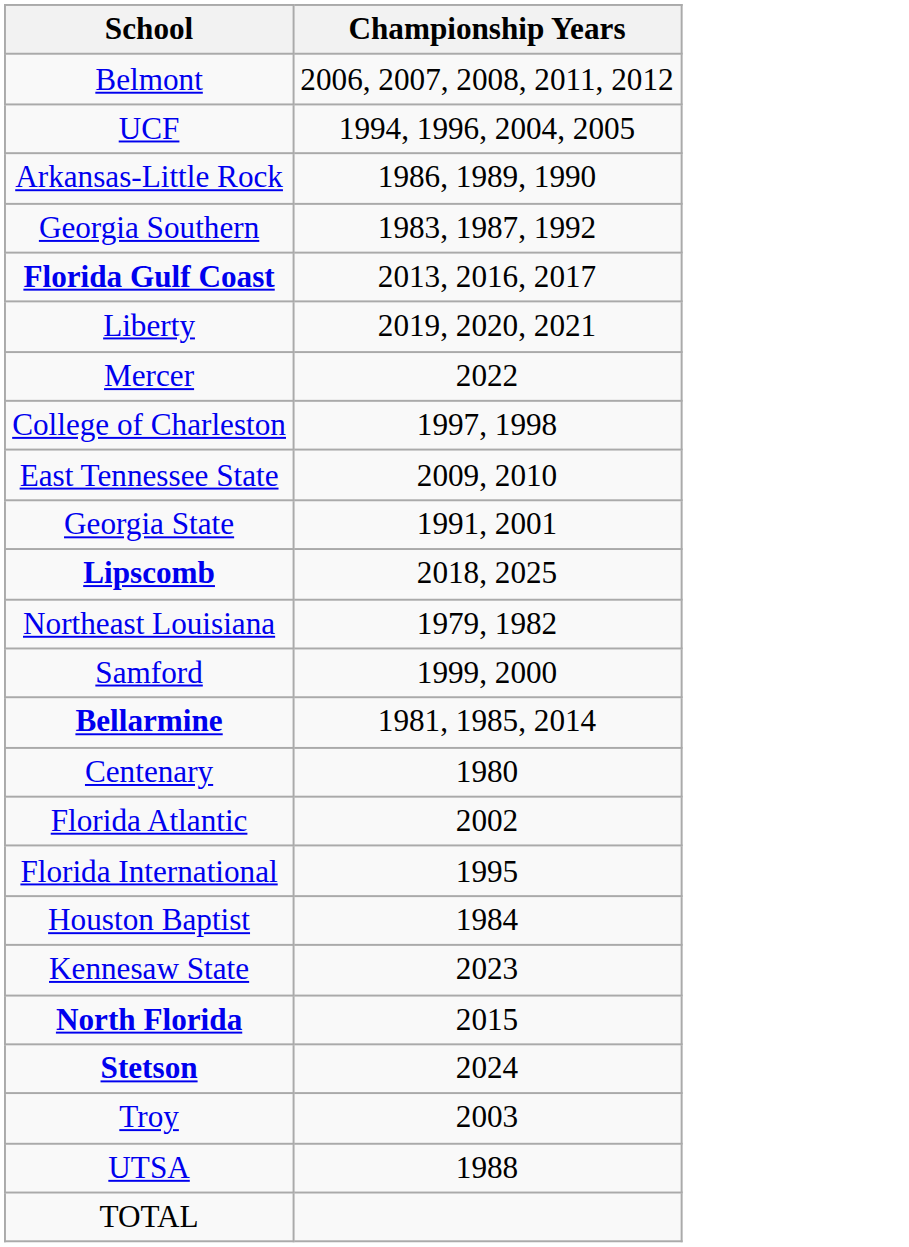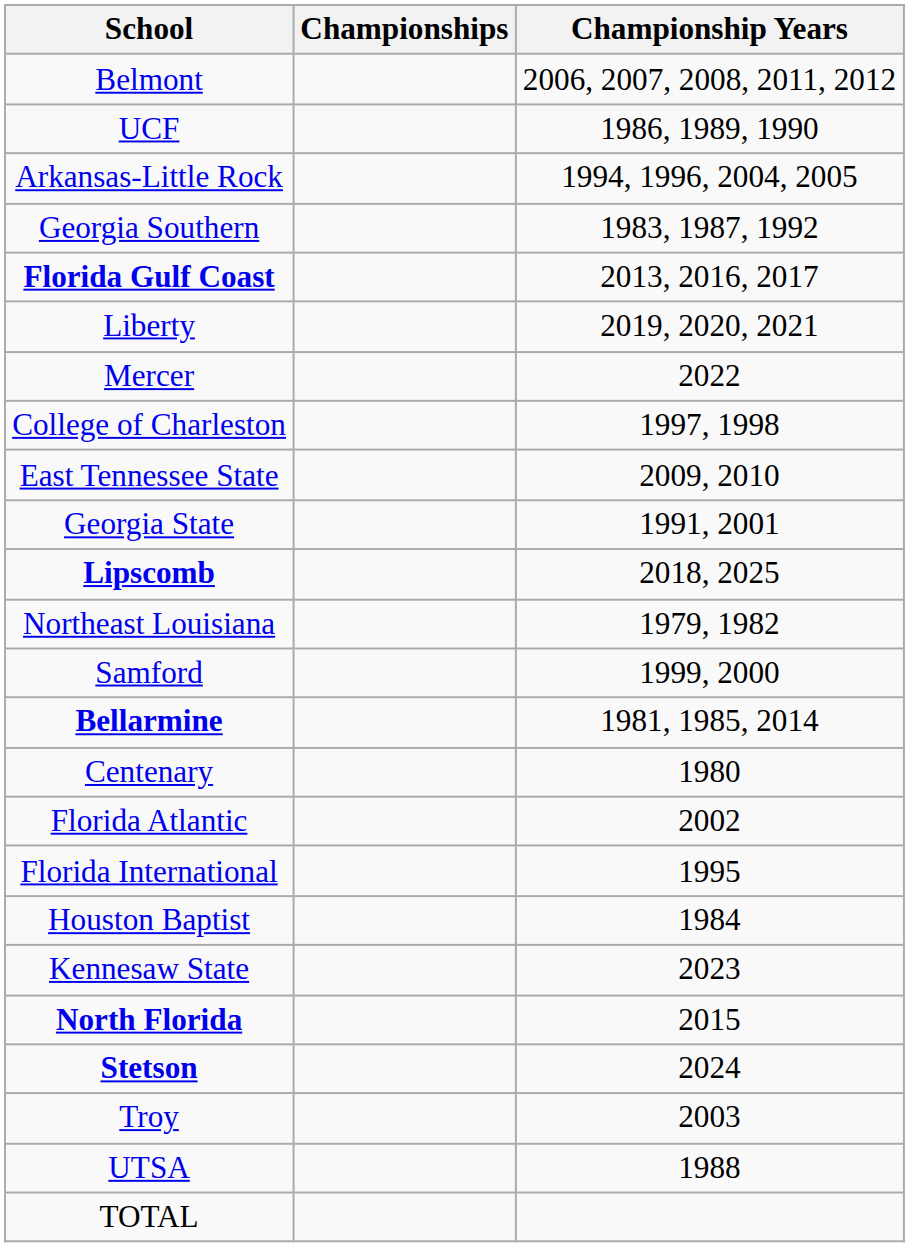 <table class="wikitable sortable" style="text-align:center">
 <tr>
 <th width=px>School</th>
+<th width=px>Championships</th>
 <th width=px>Championship Years</th>
 </tr>
 <tr>
 <td><a href='#'>Belmont</a></td>
+<td></td>
 <td>2006, 2007, 2008, 2011, 2012</td>
 </tr>
 <tr>
 <td><a href='#'>UCF</a></td>
+<td></td>
+<td>1986, 1989, 1990</td>
+</tr>
+<tr>
+<td><a href='#'>Arkansas-Little Rock</a></td>
+<td></td>
 <td>1994, 1996, 2004, 2005</td>
 </tr>
 <tr>
-<td><a href='#'>Arkansas-Little Rock</a></td>
-<td>1986, 1989, 1990</td>
-</tr>
-<tr>
 <td><a href='#'>Georgia Southern</a></td>
+<td></td>
 <td>1983, 1987, 1992</td>
 </tr>
 <tr>
 <td><strong><a href='#'>Florida Gulf Coast</a></strong></td>
+<td></td>
 <td>2013, 2016, 2017</td>
 </tr>
 <tr>
 <td><a href='#'>Liberty</a></td>
+<td></td>
 <td>2019, 2020, 2021</td>
 </tr>
 <tr>
 <td><a href='#'>Mercer</a></td>
+<td></td>
 <td>2022</td>
 </tr>
 <tr>
 <td><a href='#'>College of Charleston</a></td>
+<td></td>
 <td>1997, 1998</td>
 </tr>
 <tr>
 <td><a href='#'>East Tennessee State</a></td>
+<td></td>
 <td>2009, 2010</td>
 </tr>
 <tr>
 <td><a href='#'>Georgia State</a></td>
+<td></td>
 <td>1991, 2001</td>
 </tr>
 <tr>
 <td><strong><a href='#'>Lipscomb</a></strong></td>
+<td></td>
 <td>2018, 2025</td>
 </tr>
 <tr>
 <td><a href='#'>Northeast Louisiana</a></td>
+<td></td>
 <td>1979, 1982</td>
 </tr>
 <tr>
 <td><a href='#'>Samford</a></td>
+<td></td>
 <td>1999, 2000</td>
 </tr>
 <tr>
 <td><strong><a href='#'>Bellarmine</a></strong></td>
+<td></td>
 <td>1981, 1985, 2014</td>
 </tr>
 <tr>
 <td><a href='#'>Centenary</a></td>
+<td></td>
 <td>1980</td>
 </tr>
 <tr>
 <td><a href='#'>Florida Atlantic</a></td>
+<td></td>
 <td>2002</td>
 </tr>
 <tr>
 <td><a href='#'>Florida International</a></td>
+<td></td>
 <td>1995</td>
 </tr>
 <tr>
 <td><a href='#'>Houston Baptist</a></td>
+<td></td>
 <td>1984</td>
 </tr>
 <tr>
 <td><a href='#'>Kennesaw State</a></td>
+<td></td>
 <td>2023</td>
 </tr>
 <tr>
 <td><strong><a href='#'>North Florida</a></strong></td>
+<td></td>
 <td>2015</td>
 </tr>
 <tr>
 <td><strong><a href='#'>Stetson</a></strong></td>
+<td></td>
 <td>2024</td>
 </tr>
 <tr>
 <td><a href='#'>Troy</a></td>
+<td></td>
 <td>2003</td>
 </tr>
 <tr>
 <td><a href='#'>UTSA</a></td>
+<td></td>
 <td>1988</td>
 </tr>
 <tr>
 <td>TOTAL</td>
 <td></td>
+<td></td>
 </tr>
 </table>
